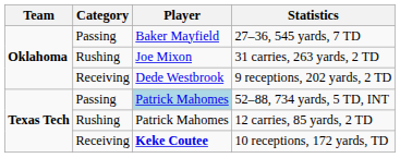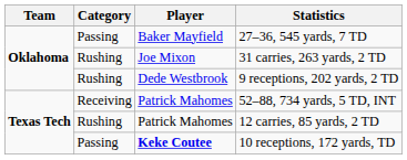 <table class="wikitable">
 <tr>
 <th>Team</th>
 <th>Category</th>
 <th>Player</th>
 <th>Statistics</th>
 </tr>
 <tr>
 <td rowspan=3><strong>Oklahoma</strong></td>
 <td>Passing</td>
 <td><a href='#'>Baker Mayfield</a></td>
 <td>27–36, 545 yards, 7 TD</td>
 </tr>
 <tr>
 <td>Rushing</td>
 <td><a href='#'>Joe Mixon</a></td>
 <td>31 carries, 263 yards, 2 TD</td>
 </tr>
 <tr>
-<td>Receiving</td>
+<td>Rushing</td>
 <td><a href='#'>Dede Westbrook</a></td>
 <td>9 receptions, 202 yards, 2 TD</td>
 </tr>
 <tr>
 <td rowspan=3><strong>Texas Tech</strong></td>
-<td>Passing</td>
-<td style="background: lightblue;"><a href='#'>Patrick Mahomes</a></td>
+<td>Receiving</td>
+<td><a href='#'>Patrick Mahomes</a></td>
 <td>52–88, 734 yards, 5 TD, INT</td>
 </tr>
 <tr>
 <td>Rushing</td>
 <td>Patrick Mahomes</td>
 <td>12 carries, 85 yards, 2 TD</td>
 </tr>
 <tr>
-<td>Receiving</td>
+<td>Passing</td>
 <td><strong><a href='#'>Keke Coutee</a></strong></td>
 <td>10 receptions, 172 yards, TD</td>
 </tr>
 </table>
